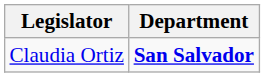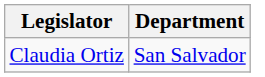 <table class="wikitable">
 <tr>
 <th>Legislator</th>
 <th>Department</th>
 </tr>
 <tr>
 <td><a href='#'>Claudia Ortiz</a></td>
-<td><strong><a href='#'>San Salvador</a></strong></td>
+<td><a href='#'>San Salvador</a></td>
 </tr>
 </table>
